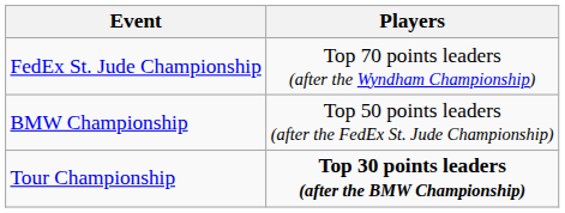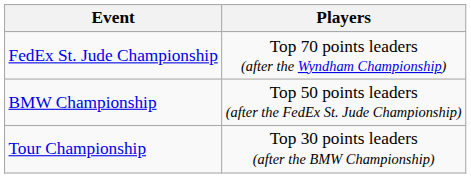 <table class="wikitable">
 <tr>
 <th>Event</th>
 <th>Players</th>
 </tr>
 <tr>
 <td><a href='#'>FedEx St. Jude Championship</a></td>
 <td align=center>Top 70 points leaders<br><small><em>(after the <a href='#'>Wyndham Championship</a>)</em></small></td>
 </tr>
 <tr>
 <td><a href='#'>BMW Championship</a></td>
 <td align=center>Top 50 points leaders<br><small><em>(after the FedEx St. Jude Championship)</em></small></td>
 </tr>
 <tr>
 <td><a href='#'>Tour Championship</a></td>
-<td align=center><strong>Top 30 points leaders<br><small><em>(after the BMW Championship)</em></small></strong></td>
+<td align=center>Top 30 points leaders<br><small><em>(after the BMW Championship)</em></small></td>
 </tr>
 </table>
